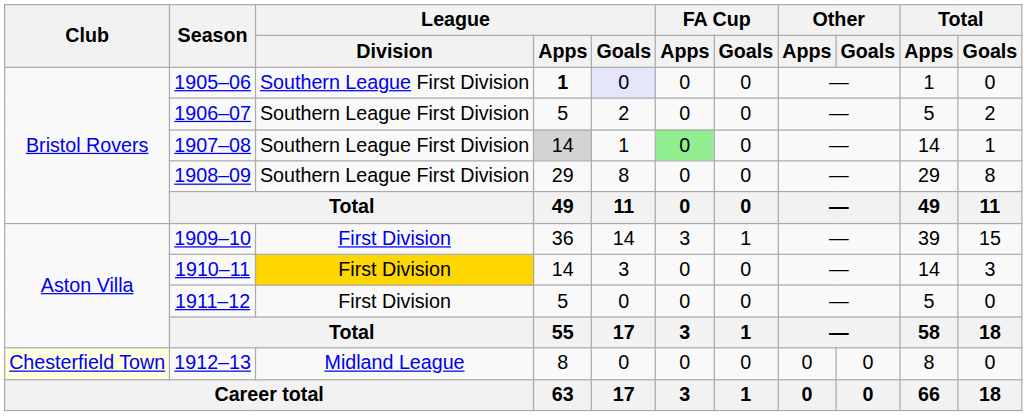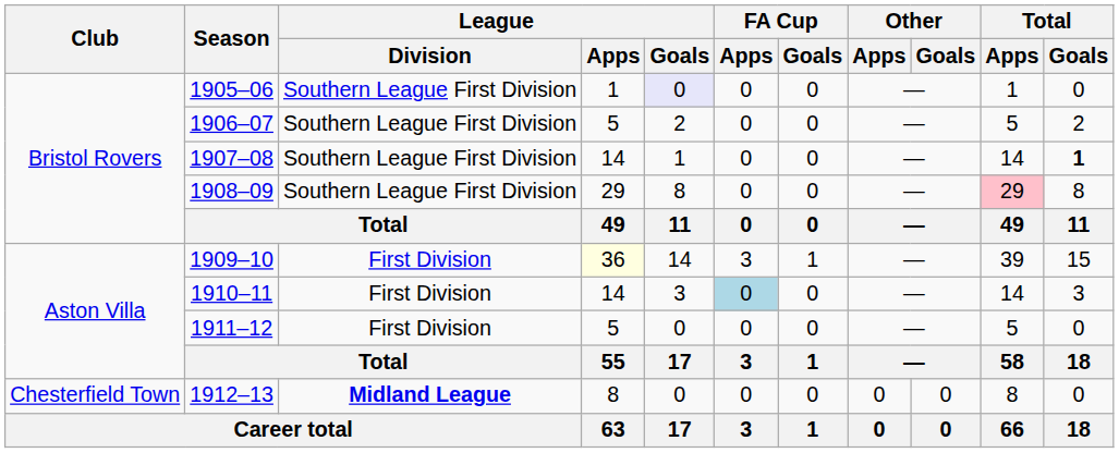 <table class="wikitable" style="text-align: center;">
 <tr>
 <th rowspan="2">Club</th>
 <th rowspan="2">Season</th>
 <th colspan="3">League</th>
 <th colspan="2">FA Cup</th>
 <th colspan="2">Other</th>
 <th colspan="2">Total</th>
 </tr>
 <tr>
 <th>Division</th>
 <th>Apps</th>
 <th>Goals</th>
 <th>Apps</th>
 <th>Goals</th>
 <th>Apps</th>
 <th>Goals</th>
 <th>Apps</th>
 <th>Goals</th>
 </tr>
 <tr>
 <td rowspan="5"><a href='#'>Bristol Rovers</a></td>
 <td><a href='#'>1905–06</a></td>
 <td><a href='#'>Southern League</a> First Division</td>
-<td><strong>1</strong></td>
+<td>1</td>
 <td style="background: lavender;">0</td>
 <td>0</td>
 <td>0</td>
 <td colspan="2">—</td>
 <td>1</td>
 <td>0</td>
 </tr>
 <tr>
 <td><a href='#'>1906–07</a></td>
 <td>Southern League First Division</td>
 <td>5</td>
 <td>2</td>
 <td>0</td>
 <td>0</td>
 <td colspan="2">—</td>
 <td>5</td>
 <td>2</td>
 </tr>
 <tr>
 <td><a href='#'>1907–08</a></td>
 <td>Southern League First Division</td>
-<td style="background: lightgrey;">14</td>
+<td>14</td>
 <td>1</td>
-<td style="background: lightgreen;">0</td>
+<td>0</td>
 <td>0</td>
 <td colspan="2">—</td>
 <td>14</td>
-<td>1</td>
+<td><strong>1</strong></td>
 </tr>
 <tr>
 <td><a href='#'>1908–09</a></td>
 <td>Southern League First Division</td>
 <td>29</td>
 <td>8</td>
 <td>0</td>
 <td>0</td>
 <td colspan="2">—</td>
-<td>29</td>
+<td style="background: pink;">29</td>
 <td>8</td>
 </tr>
 <tr>
 <th colspan="2">Total</th>
 <th>49</th>
 <th>11</th>
 <th>0</th>
 <th>0</th>
 <th colspan="2">—</th>
 <th>49</th>
 <th>11</th>
 </tr>
 <tr>
 <td rowspan="4"><a href='#'>Aston Villa</a></td>
 <td><a href='#'>1909–10</a></td>
 <td><a href='#'>First Division</a></td>
-<td>36</td>
+<td style="background: lightyellow;">36</td>
 <td>14</td>
 <td>3</td>
 <td>1</td>
 <td colspan="2">—</td>
 <td>39</td>
 <td>15</td>
 </tr>
 <tr>
 <td><a href='#'>1910–11</a></td>
-<td style="background: gold;">First Division</td>
+<td>First Division</td>
 <td>14</td>
 <td>3</td>
-<td>0</td>
+<td style="background: lightblue;">0</td>
 <td>0</td>
 <td colspan="2">—</td>
 <td>14</td>
 <td>3</td>
 </tr>
 <tr>
 <td><a href='#'>1911–12</a></td>
 <td>First Division</td>
 <td>5</td>
 <td>0</td>
 <td>0</td>
 <td>0</td>
 <td colspan="2">—</td>
 <td>5</td>
 <td>0</td>
 </tr>
 <tr>
 <th colspan="2">Total</th>
 <th>55</th>
 <th>17</th>
 <th>3</th>
 <th>1</th>
 <th colspan="2">—</th>
 <th>58</th>
 <th>18</th>
 </tr>
 <tr>
-<td style="background: lightyellow;"><a href='#'>Chesterfield Town</a></td>
+<td><a href='#'>Chesterfield Town</a></td>
 <td><a href='#'>1912–13</a></td>
-<td><a href='#'>Midland League</a></td>
+<td><strong><a href='#'>Midland League</a></strong></td>
 <td>8</td>
 <td>0</td>
 <td>0</td>
 <td>0</td>
 <td>0</td>
 <td>0</td>
 <td>8</td>
 <td>0</td>
 </tr>
 <tr>
 <th colspan="3">Career total</th>
 <th>63</th>
 <th>17</th>
 <th>3</th>
 <th>1</th>
 <th>0</th>
 <th>0</th>
 <th>66</th>
 <th>18</th>
 </tr>
 </table>
